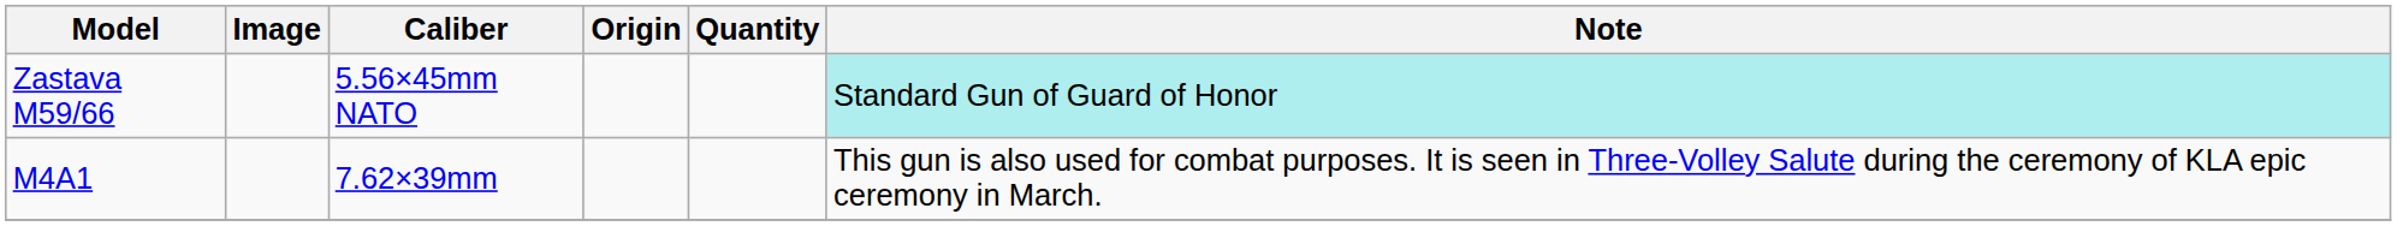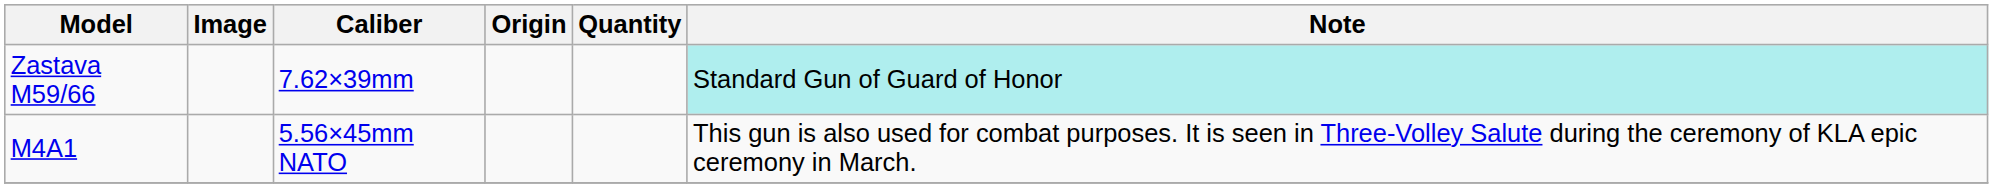 <table class="wikitable">
 <tr>
 <th>Model</th>
 <th>Image</th>
 <th>Caliber</th>
 <th>Origin</th>
 <th>Quantity</th>
 <th>Note</th>
 </tr>
 <tr>
 <td><a href='#'>Zastava M59/66</a></td>
 <td></td>
-<td><a href='#'>5.56×45mm NATO</a></td>
+<td><a href='#'>7.62×39mm</a></td>
 <td></td>
 <td></td>
 <td style="background: paleturquoise;">Standard Gun of Guard of Honor</td>
 </tr>
 <tr>
 <td><a href='#'>M4A1</a></td>
 <td></td>
-<td><a href='#'>7.62×39mm</a></td>
+<td><a href='#'>5.56×45mm NATO</a></td>
 <td></td>
 <td></td>
 <td>This gun is also used for combat purposes. It is seen in <a href='#'>Three-Volley Salute</a> during the ceremony of KLA epic ceremony in March.</td>
 </tr>
 <tr>
 </tr>
 </table>
